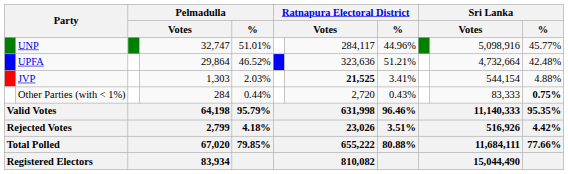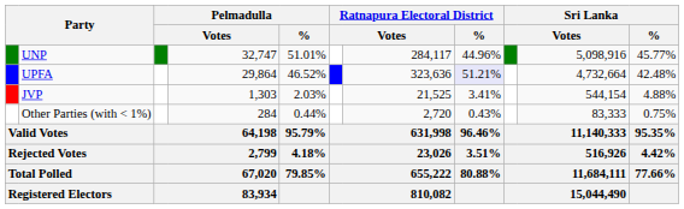 <table class="wikitable">
 <tr>
 <th colspan="2" width="144px"rowspan="2">Party</th>
 <th colspan="3" width="216px">Pelmadulla</th>
 <th colspan="3" width="216px"><a href='#'>Ratnapura Electoral District</a></th>
 <th colspan="3" width="216px">Sri Lanka</th>
 </tr>
 <tr>
 <th colspan="2" width="144px">Votes</th>
 <th>%</th>
 <th colspan="2" width="144px">Votes</th>
 <th>%</th>
 <th colspan="2" width="144px">Votes</th>
 <th>%</th>
 </tr>
 <tr>
 <td style="background-color:green;" width="10px"></td>
 <td style="text-align:left;"><a href='#'>UNP</a></td>
 <td style="background-color:green;" width="10px"></td>
 <td style="text-align:right;">32,747</td>
 <td style="text-align:right;">51.01%</td>
 <td style="background-color:white;" width="10px"></td>
 <td style="text-align:right;">284,117</td>
 <td style="text-align:right;">44.96%</td>
 <td style="background-color:green;" width="10px"></td>
 <td style="text-align:right;">5,098,916</td>
 <td style="text-align:right;">45.77%</td>
 </tr>
 <tr>
 <td style="background-color:blue;" width="10px"></td>
 <td style="text-align:left;"><a href='#'>UPFA</a></td>
 <td style="background-color:white;" width="10px"></td>
 <td style="text-align:right;">29,864</td>
 <td style="text-align:right;">46.52%</td>
 <td style="background-color:blue;" width="10px"></td>
 <td style="text-align:right;">323,636</td>
-<td style="text-align:right;">51.21%</td>
+<td style="background: lavender; text-align:right;">51.21%</td>
 <td style="background-color:white;" width="10px"></td>
 <td style="text-align:right;">4,732,664</td>
 <td style="text-align:right;">42.48%</td>
 </tr>
 <tr>
 <td style="background-color:red;" width="10px"></td>
 <td style="text-align:left;"><a href='#'>JVP</a></td>
 <td style="background-color:white;" width="10px"></td>
 <td style="text-align:right;">1,303</td>
 <td style="text-align:right;">2.03%</td>
 <td style="background-color:white;" width="10px"></td>
-<td style="text-align:right;"><strong>21,525</strong></td>
+<td style="text-align:right;">21,525</td>
 <td style="text-align:right;">3.41%</td>
 <td style="background-color:white;" width="10px"></td>
 <td style="text-align:right;">544,154</td>
 <td style="text-align:right;">4.88%</td>
 </tr>
 <tr>
 <td style="background-color:white;" width="10px"></td>
 <td style="text-align:left;">Other Parties (with < 1%)</td>
 <td style="background-color:white;" width="10px"></td>
 <td style="text-align:right;">284</td>
 <td style="text-align:right;">0.44%</td>
 <td style="background-color:white;" width="10px"></td>
 <td style="text-align:right;">2,720</td>
 <td style="text-align:right;">0.43%</td>
 <td style="background-color:white;" width="10px"></td>
 <td style="text-align:right;">83,333</td>
-<td style="text-align:right;"><strong>0.75%</strong></td>
+<td style="text-align:right;">0.75%</td>
 </tr>
 <tr>
 <th colspan="2" width="144px"style="text-align:left;">Valid Votes</th>
 <th style="text-align:right;"colspan="2" width="144px">64,198</th>
 <th style="text-align:right;">95.79%</th>
 <th style="text-align:right;"colspan="2" width="144px">631,998</th>
 <th style="text-align:right;">96.46%</th>
 <th style="text-align:right;"colspan="2" width="144px">11,140,333</th>
 <th style="text-align:right;">95.35%</th>
 </tr>
 <tr>
 <th colspan="2" width="144px"style="text-align:left;">Rejected Votes</th>
 <th style="text-align:right;"colspan="2" width="144px">2,799</th>
 <th style="text-align:right;">4.18%</th>
 <th style="text-align:right;"colspan="2" width="144px">23,026</th>
 <th style="text-align:right;">3.51%</th>
 <th style="text-align:right;"colspan="2" width="144px">516,926</th>
 <th style="text-align:right;">4.42%</th>
 </tr>
 <tr>
 <th colspan="2" width="144px"style="text-align:left;">Total Polled</th>
 <th style="text-align:right;"colspan="2" width="144px">67,020</th>
 <th style="text-align:right;">79.85%</th>
 <th style="text-align:right;"colspan="2" width="144px">655,222</th>
 <th style="text-align:right;">80.88%</th>
 <th style="text-align:right;"colspan="2" width="144px">11,684,111</th>
 <th style="text-align:right;">77.66%</th>
 </tr>
 <tr>
 <th colspan="2" width="144px"style="text-align:left;">Registered Electors</th>
 <th style="text-align:right;"colspan="2" width="144px">83,934</th>
 <th></th>
 <th style="text-align:right;"colspan="2" width="144px">810,082</th>
 <th></th>
 <th style="text-align:right;"colspan="2" width="144px">15,044,490</th>
 <th></th>
 </tr>
 </table>
